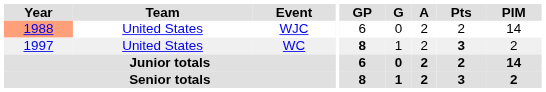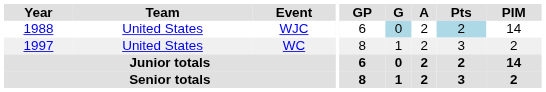 <table border="0" cellpadding="1" cellspacing="0" ID="Table3" style="text-align:center; width:40em;">
 <tr bgcolor="#e0e0e0">
 <th>Year</th>
 <th>Team</th>
 <th>Event</th>
 <th rowspan="102" bgcolor="#ffffff"></th>
 <th>GP</th>
 <th>G</th>
 <th>A</th>
 <th>Pts</th>
 <th>PIM</th>
 </tr>
 <tr>
-<td style="background: lightsalmon;"><a href='#'>1988</a></td>
+<td><a href='#'>1988</a></td>
 <td><a href='#'>United States</a></td>
 <td><a href='#'>WJC</a></td>
 <td>6</td>
-<td>0</td>
+<td style="background: lightblue;">0</td>
 <td>2</td>
-<td>2</td>
+<td style="background: lightblue;">2</td>
 <td>14</td>
 </tr>
 <tr bgcolor="#f0f0f0">
 <td><a href='#'>1997</a></td>
 <td><a href='#'>United States</a></td>
 <td><a href='#'>WC</a></td>
-<td><strong>8</strong></td>
+<td>8</td>
 <td>1</td>
 <td>2</td>
-<td><strong>3</strong></td>
+<td>3</td>
 <td>2</td>
 </tr>
 <tr bgcolor="#e0e0e0">
 <th colspan="3">Junior totals</th>
 <th>6</th>
 <th>0</th>
 <th>2</th>
 <th>2</th>
 <th>14</th>
 </tr>
 <tr bgcolor="#e0e0e0">
 <th colspan="3">Senior totals</th>
 <th>8</th>
 <th>1</th>
 <th>2</th>
 <th>3</th>
 <th>2</th>
 </tr>
 </table>
